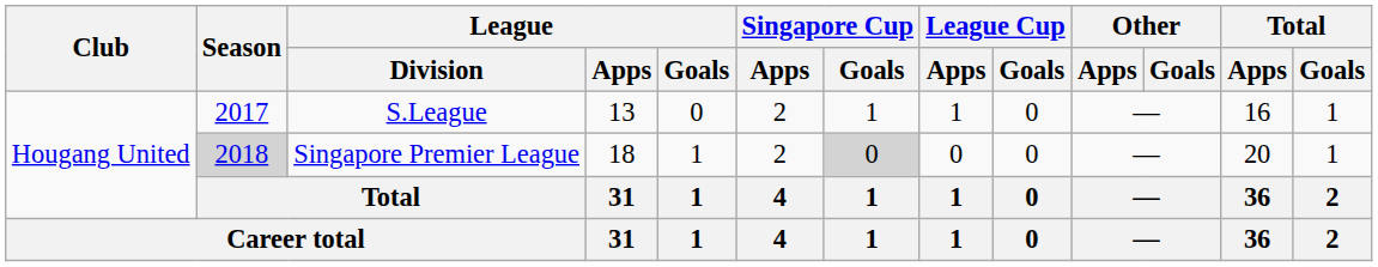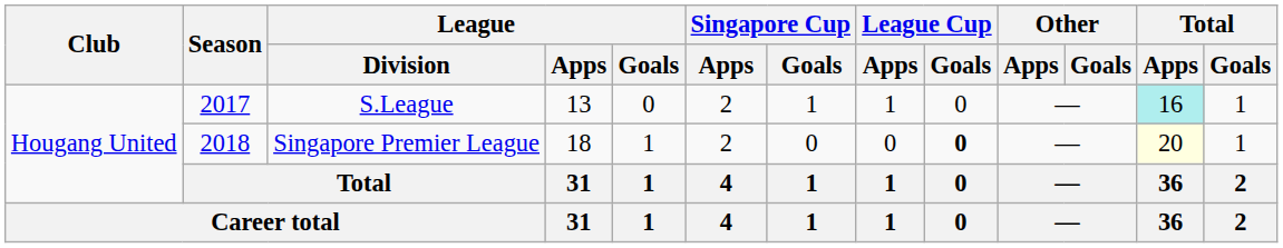 <table class="wikitable" style="text-align:center;">
 <tr>
 <th rowspan="2">Club</th>
 <th rowspan="2">Season</th>
 <th colspan="3">League</th>
 <th colspan="2"><a href='#'>Singapore Cup</a></th>
 <th colspan="2"><a href='#'>League Cup</a></th>
 <th colspan="2">Other</th>
 <th colspan="2">Total</th>
 </tr>
 <tr>
 <th>Division</th>
 <th>Apps</th>
 <th>Goals</th>
 <th>Apps</th>
 <th>Goals</th>
 <th>Apps</th>
 <th>Goals</th>
 <th>Apps</th>
 <th>Goals</th>
 <th>Apps</th>
 <th>Goals</th>
 </tr>
 <tr>
 <td rowspan="3"><a href='#'>Hougang United</a></td>
 <td><a href='#'>2017</a></td>
 <td><a href='#'>S.League</a></td>
 <td>13</td>
 <td>0</td>
 <td>2</td>
 <td>1</td>
 <td>1</td>
 <td>0</td>
 <td colspan="2">—</td>
-<td>16</td>
+<td style="background: paleturquoise;">16</td>
 <td>1</td>
 </tr>
 <tr>
-<td style="background: lightgrey;"><a href='#'>2018</a></td>
+<td><a href='#'>2018</a></td>
 <td><a href='#'>Singapore Premier League</a></td>
 <td>18</td>
 <td>1</td>
 <td>2</td>
-<td style="background: lightgrey;">0</td>
 <td>0</td>
 <td>0</td>
+<td><strong>0</strong></td>
 <td colspan="2">—</td>
-<td>20</td>
+<td style="background: lightyellow;">20</td>
 <td>1</td>
 </tr>
 <tr>
 <th colspan="2">Total</th>
 <th>31</th>
 <th>1</th>
 <th>4</th>
 <th>1</th>
 <th>1</th>
 <th>0</th>
 <th colspan="2">—</th>
 <th>36</th>
 <th>2</th>
 </tr>
 <tr>
 <th colspan=3>Career total</th>
 <th>31</th>
 <th>1</th>
 <th>4</th>
 <th>1</th>
 <th>1</th>
 <th>0</th>
 <th colspan="2">—</th>
 <th>36</th>
 <th>2</th>
 </tr>
 </table>
